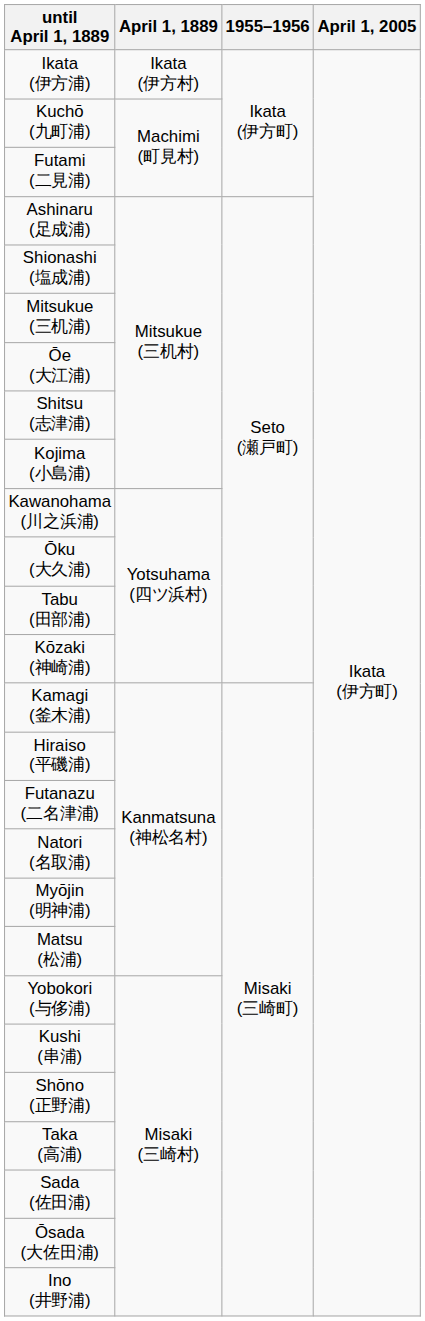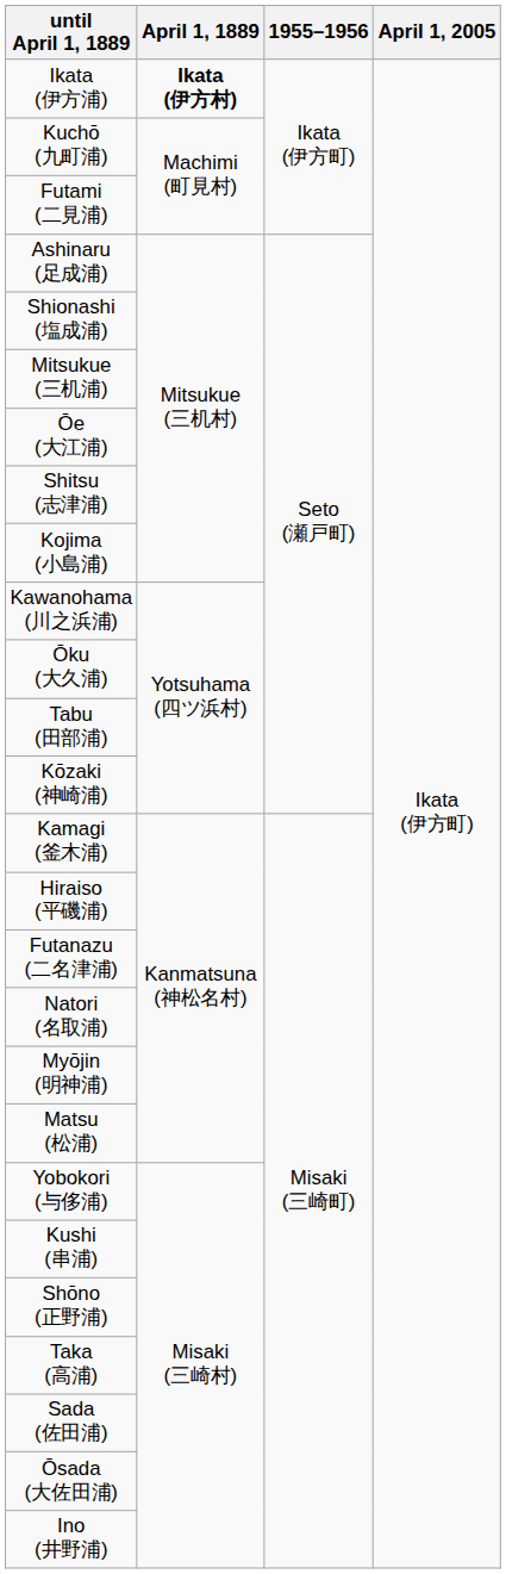 <table class="wikitable" style="text-align: center;">
 <tr>
 <th>until<br>April 1, 1889</th>
 <th>April 1, 1889</th>
 <th>1955–1956</th>
 <th>April 1, 2005</th>
 </tr>
 <tr>
 <td>Ikata<br>(伊方浦)</td>
-<td>Ikata<br>(伊方村)</td>
+<td><strong>Ikata<br>(伊方村)</strong></td>
 <td rowspan="3">Ikata<br>(伊方町)</td>
 <td rowspan="26">Ikata<br>(伊方町)</td>
 </tr>
 <tr>
 <td>Kuchō<br>(九町浦)</td>
 <td rowspan="2">Machimi<br>(町見村)</td>
 </tr>
 <tr>
 <td>Futami<br>(二見浦)</td>
 </tr>
 <tr>
 <td>Ashinaru<br>(足成浦)</td>
 <td rowspan="6">Mitsukue<br>(三机村)</td>
 <td rowspan="10">Seto<br>(瀬戸町)</td>
 </tr>
 <tr>
 <td>Shionashi<br>(塩成浦)</td>
 </tr>
 <tr>
 <td>Mitsukue<br>(三机浦)</td>
 </tr>
 <tr>
 <td>Ōe<br>(大江浦)</td>
 </tr>
 <tr>
 <td>Shitsu<br>(志津浦)</td>
 </tr>
 <tr>
 <td>Kojima<br>(小島浦)</td>
 </tr>
 <tr>
 <td>Kawanohama<br>(川之浜浦)</td>
 <td rowspan="4">Yotsuhama<br>(四ツ浜村)</td>
 </tr>
 <tr>
 <td>Ōku<br>(大久浦)</td>
 </tr>
 <tr>
 <td>Tabu<br>(田部浦)</td>
 </tr>
 <tr>
 <td>Kōzaki<br>(神崎浦)</td>
 </tr>
 <tr>
 <td>Kamagi<br>(釜木浦)</td>
 <td rowspan="6">Kanmatsuna<br>(神松名村)</td>
 <td rowspan="13">Misaki<br>(三崎町)</td>
 </tr>
 <tr>
 <td>Hiraiso<br>(平磯浦)</td>
 </tr>
 <tr>
 <td>Futanazu<br>(二名津浦)</td>
 </tr>
 <tr>
 <td>Natori<br>(名取浦)</td>
 </tr>
 <tr>
 <td>Myōjin<br>(明神浦)</td>
 </tr>
 <tr>
 <td>Matsu<br>(松浦)</td>
 </tr>
 <tr>
 <td>Yobokori<br>(与侈浦)</td>
 <td rowspan="7">Misaki<br>(三崎村)</td>
 </tr>
 <tr>
 <td>Kushi<br>(串浦)</td>
 </tr>
 <tr>
 <td>Shōno<br>(正野浦)</td>
 </tr>
 <tr>
 <td>Taka<br>(高浦)</td>
 </tr>
 <tr>
 <td>Sada<br>(佐田浦)</td>
 </tr>
 <tr>
 <td>Ōsada<br>(大佐田浦)</td>
 </tr>
 <tr>
 <td>Ino<br>(井野浦)</td>
 </tr>
 </table>
